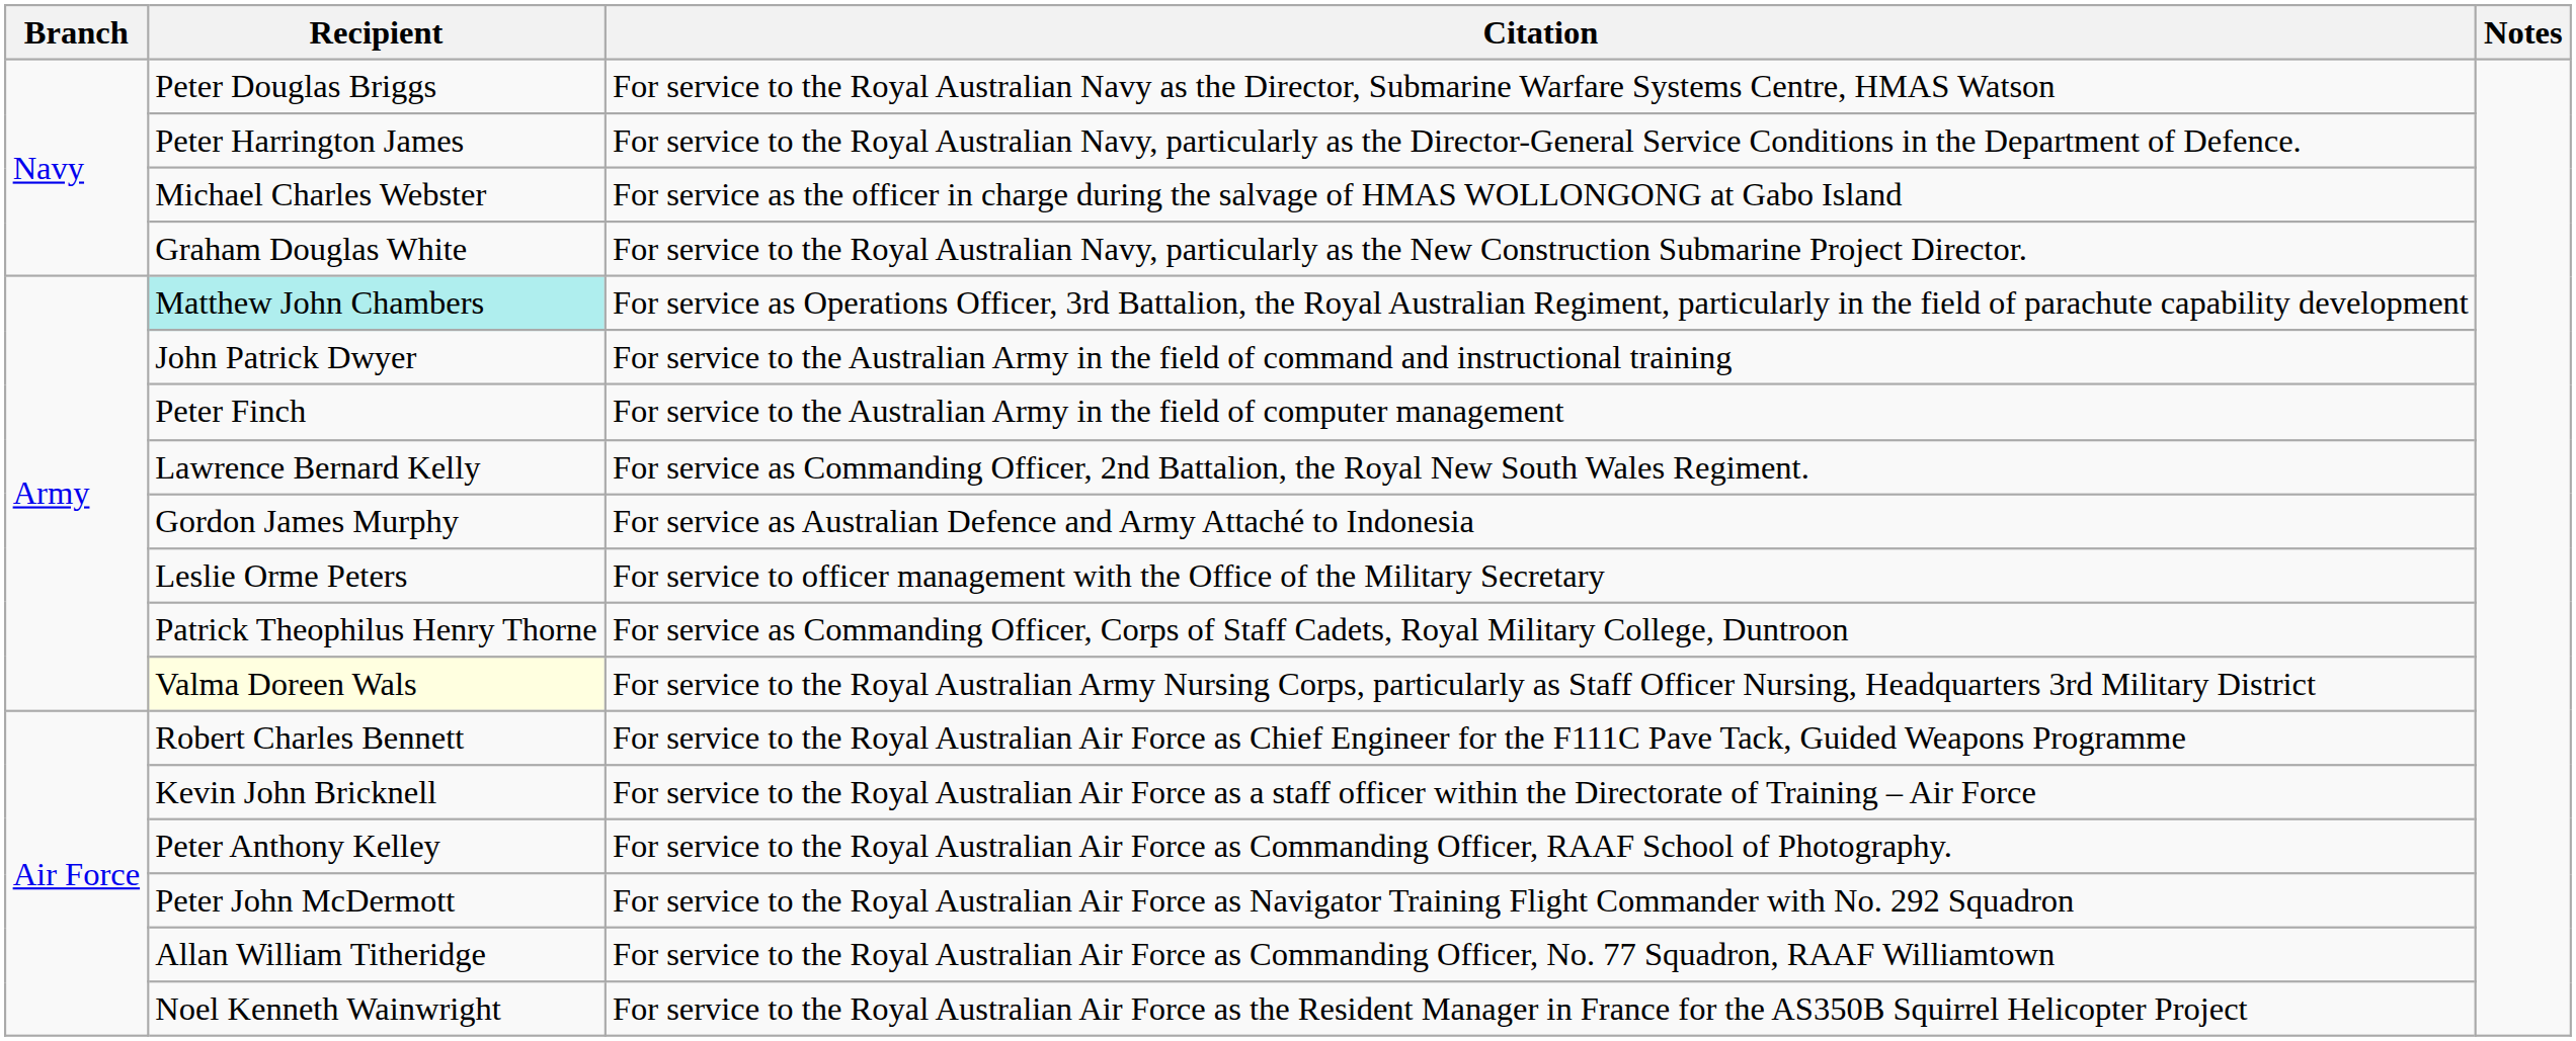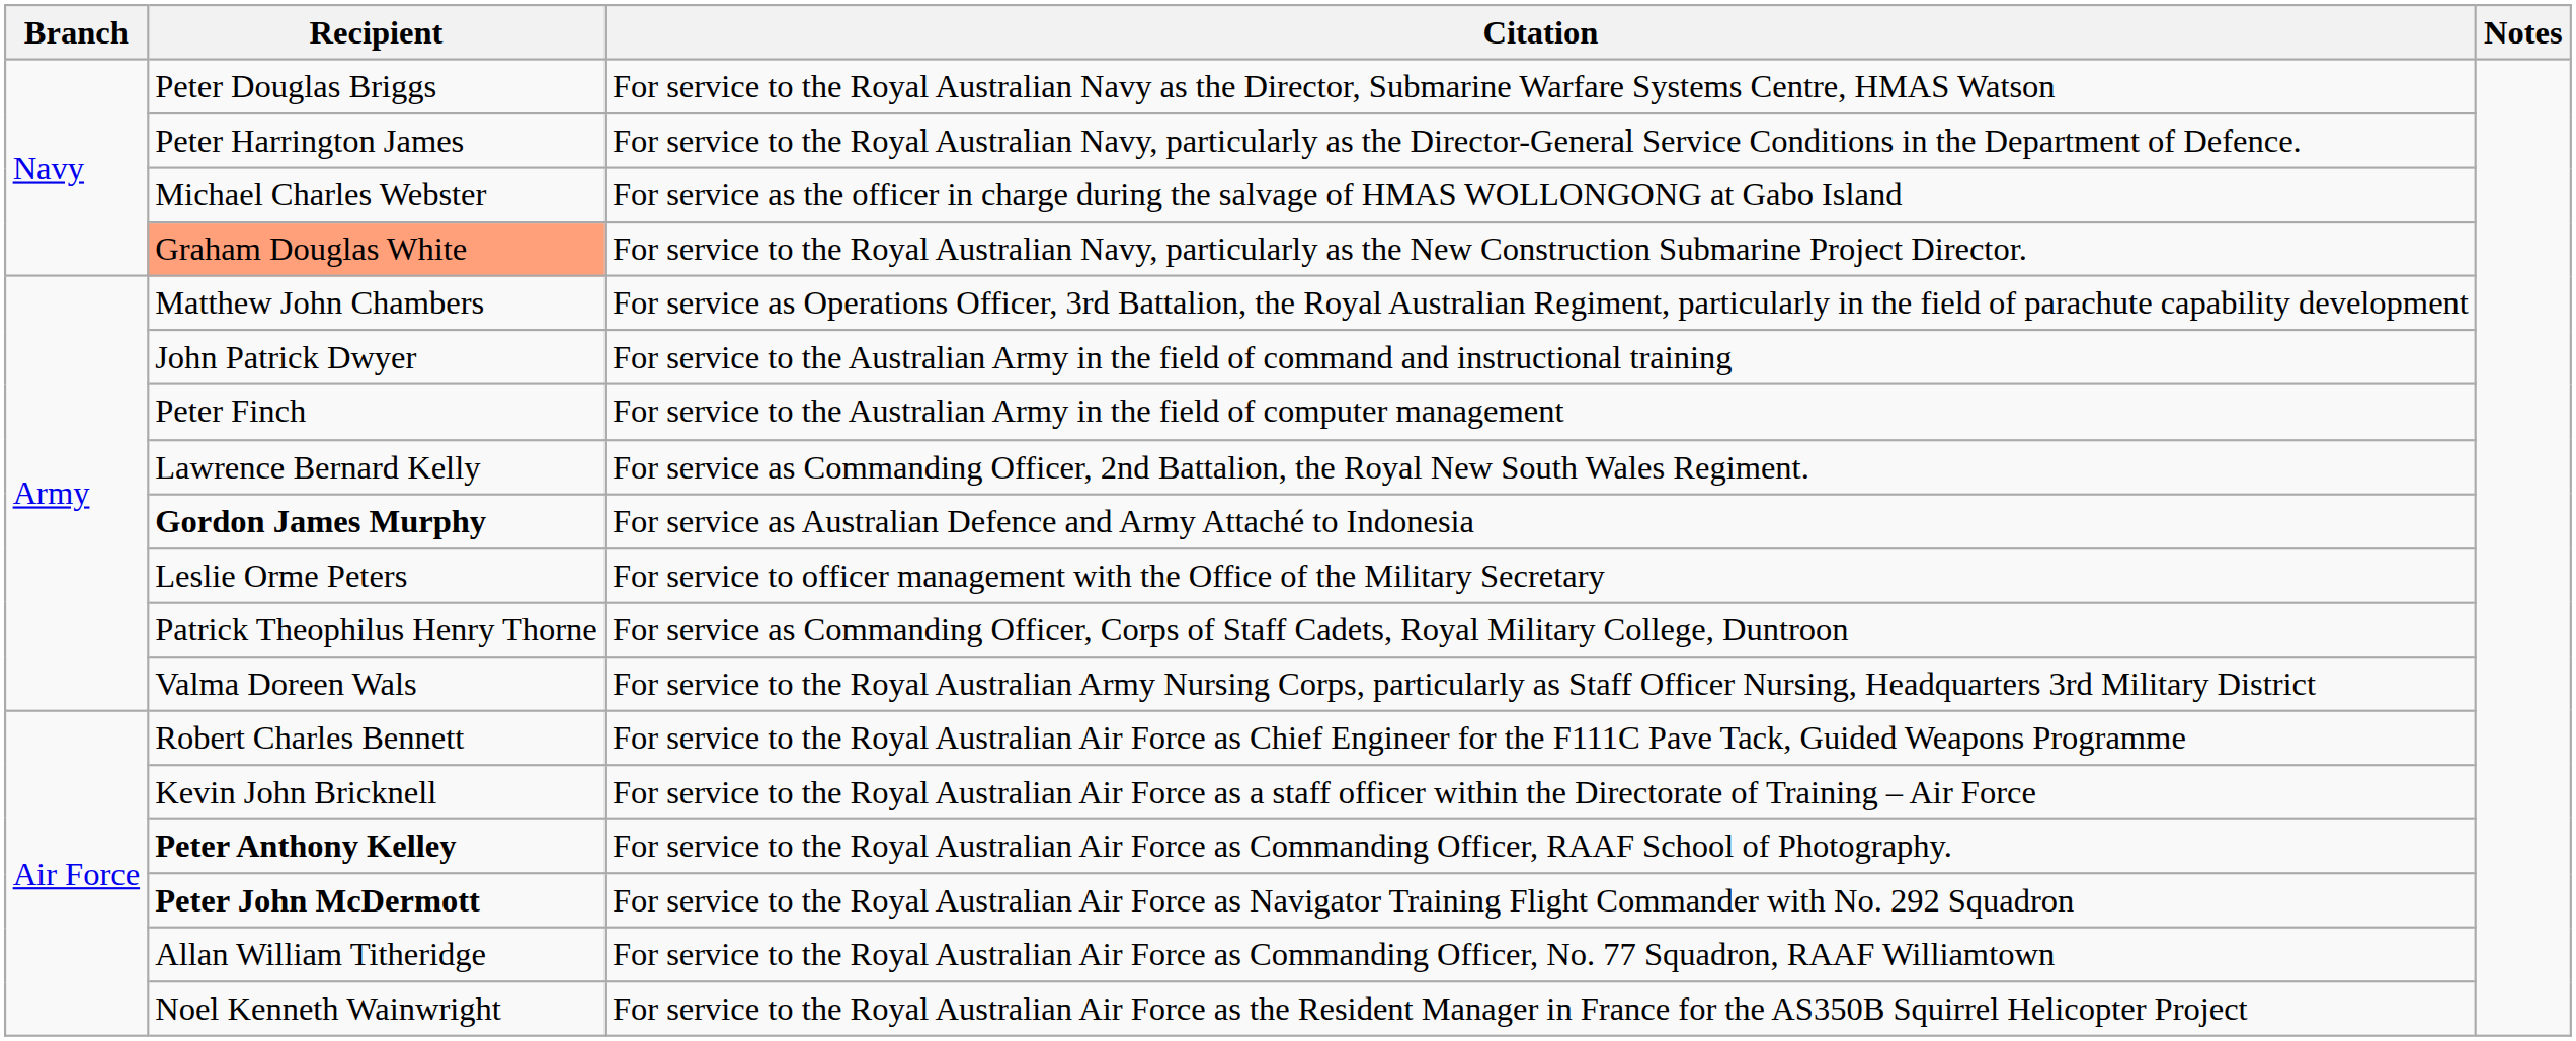 <table class="wikitable" style="font-size:95%;">
 <tr>
 <th>Branch</th>
 <th>Recipient</th>
 <th>Citation</th>
 <th>Notes</th>
 </tr>
 <tr>
 <td rowspan=4><a href='#'>Navy</a></td>
 <td> Peter Douglas Briggs</td>
 <td>For service to the Royal Australian Navy as the Director, Submarine Warfare Systems Centre, HMAS Watson</td>
 <td rowspan=40></td>
 </tr>
 <tr>
 <td> Peter Harrington James</td>
 <td>For service to the Royal Australian Navy, particularly as the Director-General Service Conditions in the Department of Defence.</td>
 </tr>
 <tr>
 <td> Michael Charles Webster</td>
 <td>For service as the officer in charge during the salvage of HMAS WOLLONGONG at Gabo Island</td>
 </tr>
 <tr>
-<td> Graham Douglas White</td>
+<td style="background: lightsalmon;"> Graham Douglas White</td>
 <td>For service to the Royal Australian Navy, particularly as the New Construction Submarine Project Director.</td>
 </tr>
 <tr>
 <td rowspan=8><a href='#'>Army</a></td>
-<td style="background: paleturquoise;"> Matthew John Chambers</td>
+<td> Matthew John Chambers</td>
 <td>For service as Operations Officer, 3rd Battalion, the Royal Australian Regiment, particularly in the field of parachute capability development</td>
 </tr>
 <tr>
 <td> John Patrick Dwyer</td>
 <td>For service to the Australian Army in the field of command and instructional training</td>
 </tr>
 <tr>
 <td> Peter Finch</td>
 <td>For service to the Australian Army in the field of computer management</td>
 </tr>
 <tr>
 <td> Lawrence Bernard Kelly </td>
 <td>For service as Commanding Officer, 2nd Battalion, the Royal New South Wales Regiment.</td>
 </tr>
 <tr>
-<td> Gordon James Murphy</td>
+<td><strong> Gordon James Murphy</strong></td>
 <td>For service as Australian Defence and Army Attaché to Indonesia</td>
 </tr>
 <tr>
 <td> Leslie Orme Peters</td>
 <td>For service to officer management with the Office of the Military Secretary</td>
 </tr>
 <tr>
 <td> Patrick Theophilus Henry Thorne</td>
 <td>For service as Commanding Officer, Corps of Staff Cadets, Royal Military College, Duntroon</td>
 </tr>
 <tr>
-<td style="background: lightyellow;"> Valma Doreen Wals</td>
+<td> Valma Doreen Wals</td>
 <td>For service to the Royal Australian Army Nursing Corps, particularly as Staff Officer Nursing, Headquarters 3rd Military District</td>
 </tr>
 <tr>
 <td rowspan=6><a href='#'>Air Force</a></td>
 <td> Robert Charles Bennett</td>
 <td>For service to the Royal Australian Air Force as Chief Engineer for the F111C Pave Tack, Guided Weapons Programme</td>
 </tr>
 <tr>
 <td> Kevin John Bricknell</td>
 <td>For service to the Royal Australian Air Force as a staff officer within the Directorate of Training – Air Force</td>
 </tr>
 <tr>
-<td> Peter Anthony Kelley</td>
+<td><strong> Peter Anthony Kelley</strong></td>
 <td>For service to the Royal Australian Air Force as Commanding Officer, RAAF School of Photography.</td>
 </tr>
 <tr>
-<td> Peter John McDermott</td>
+<td><strong> Peter John McDermott</strong></td>
 <td>For service to the Royal Australian Air Force as Navigator Training Flight Commander with No. 292 Squadron</td>
 </tr>
 <tr>
 <td> Allan William Titheridge</td>
 <td>For service to the Royal Australian Air Force as Commanding Officer, No. 77 Squadron, RAAF Williamtown</td>
 </tr>
 <tr>
 <td> Noel Kenneth Wainwright</td>
 <td>For service to the Royal Australian Air Force as the Resident Manager in France for the AS350B Squirrel Helicopter Project</td>
 </tr>
 </table>
